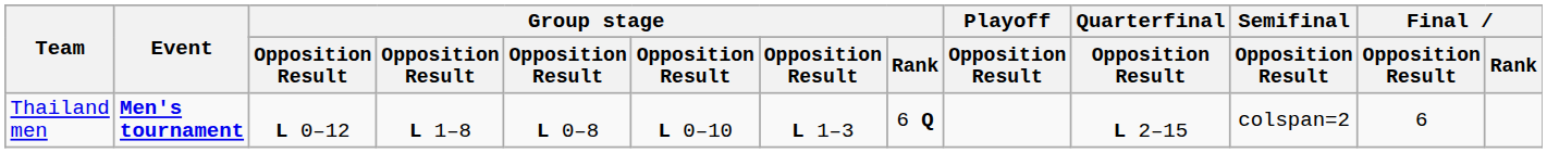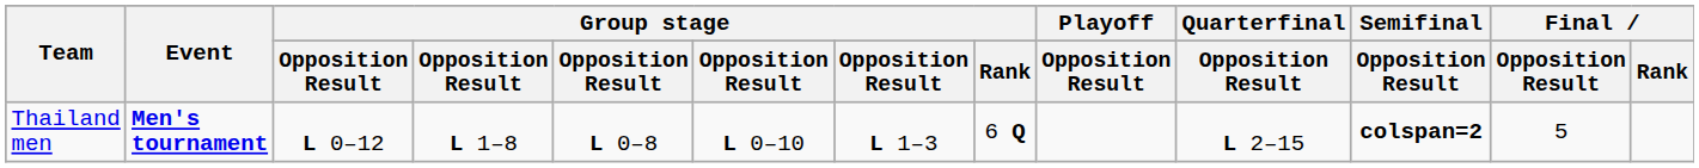 <table class=wikitable style=text-align:center;font-size:85%>
 <tr>
 <th rowspan=2>Team</th>
 <th rowspan=2>Event</th>
 <th colspan=6>Group stage</th>
 <th>Playoff</th>
 <th>Quarterfinal</th>
 <th>Semifinal</th>
 <th colspan=2>Final / </th>
 </tr>
 <tr style=font-size:95%>
 <th>Opposition<br>Result</th>
 <th>Opposition<br>Result</th>
 <th>Opposition<br>Result</th>
 <th>Opposition<br>Result</th>
 <th>Opposition<br>Result</th>
 <th>Rank</th>
 <th>Opposition<br>Result</th>
 <th>Opposition<br>Result</th>
 <th>Opposition<br>Result</th>
 <th>Opposition<br>Result</th>
 <th>Rank</th>
 </tr>
 <tr>
 <td align=left><a href='#'>Thailand men</a></td>
 <td align=left><strong><a href='#'>Men's tournament</a></strong></td>
 <td><br><strong>L</strong> 0–12</td>
 <td><br><strong>L</strong> 1–8</td>
 <td><br><strong>L</strong> 0–8</td>
 <td><br><strong>L</strong> 0–10</td>
 <td><br><strong>L</strong> 1–3</td>
 <td>6 <strong>Q</strong></td>
 <td></td>
 <td><br><strong>L</strong> 2–15</td>
-<td>colspan=2 </td>
-<td>6</td>
+<td><strong>colspan=2 </strong></td>
+<td>5</td>
 </tr>
 </table>
